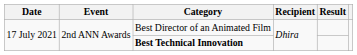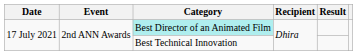 <table class="wikitable">
 <tr>
 <th>Date</th>
 <th>Event</th>
 <th>Category</th>
 <th>Recipient</th>
 <th>Result</th>
 <th></th>
 </tr>
 <tr>
 <td rowspan="2">17 July 2021</td>
 <td rowspan="2">2nd ANN Awards</td>
-<td>Best Director of an Animated Film</td>
+<td style="background: paleturquoise;">Best Director of an Animated Film</td>
 <td rowspan="2"><em>Dhira</em></td>
 <td></td>
 <td rowspan="2"></td>
 </tr>
 <tr>
-<td><strong>Best Technical Innovation</strong></td>
+<td>Best Technical Innovation</td>
 <td></td>
 </tr>
 </table>
